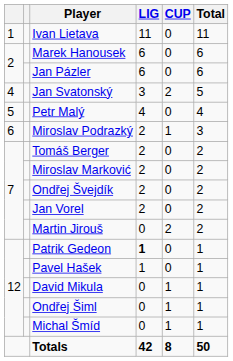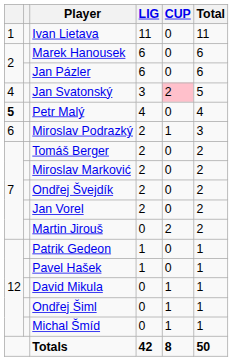 <table class="wikitable"  class= style="text-align:center; border:1px #aaa solid; font-size:95%">
 <tr>
 <th></th>
 <th></th>
 <th>Player</th>
 <th><a href='#'>LIG</a></th>
 <th><a href='#'>CUP</a></th>
 <th>Total</th>
 </tr>
 <tr>
 <td rowspan="1">1</td>
 <td></td>
 <td><a href='#'>Ivan Lietava</a></td>
 <td>11</td>
 <td>0</td>
 <td>11</td>
 </tr>
 <tr>
 <td rowspan="2">2</td>
 <td></td>
 <td><a href='#'>Marek Hanousek</a></td>
 <td>6</td>
 <td>0</td>
 <td>6</td>
 </tr>
 <tr>
 <td></td>
 <td><a href='#'>Jan Pázler</a></td>
 <td>6</td>
 <td>0</td>
 <td>6</td>
 </tr>
 <tr>
 <td rowspan="1">4</td>
 <td></td>
 <td><a href='#'>Jan Svatonský</a></td>
 <td>3</td>
-<td>2</td>
+<td style="background: pink;">2</td>
 <td>5</td>
 </tr>
 <tr>
-<td rowspan="1">5</td>
+<td rowspan="1"><strong>5</strong></td>
 <td></td>
 <td><a href='#'>Petr Malý</a></td>
 <td>4</td>
 <td>0</td>
 <td>4</td>
 </tr>
 <tr>
 <td rowspan="1">6</td>
 <td></td>
 <td><a href='#'>Miroslav Podrazký</a></td>
 <td>2</td>
 <td>1</td>
 <td>3</td>
 </tr>
 <tr>
 <td rowspan="5">7</td>
 <td></td>
 <td><a href='#'>Tomáš Berger</a></td>
 <td>2</td>
 <td>0</td>
 <td>2</td>
 </tr>
 <tr>
 <td></td>
 <td><a href='#'>Miroslav Marković</a></td>
 <td>2</td>
 <td>0</td>
 <td>2</td>
 </tr>
 <tr>
 <td></td>
 <td><a href='#'>Ondřej Švejdík</a></td>
 <td>2</td>
 <td>0</td>
 <td>2</td>
 </tr>
 <tr>
 <td></td>
 <td><a href='#'>Jan Vorel</a></td>
 <td>2</td>
 <td>0</td>
 <td>2</td>
 </tr>
 <tr>
 <td></td>
 <td><a href='#'>Martin Jirouš</a></td>
 <td>0</td>
 <td>2</td>
 <td>2</td>
 </tr>
 <tr>
 <td rowspan="5">12</td>
 <td></td>
 <td><a href='#'>Patrik Gedeon</a></td>
-<td><strong>1</strong></td>
+<td>1</td>
 <td>0</td>
 <td>1</td>
 </tr>
 <tr>
 <td></td>
 <td><a href='#'>Pavel Hašek</a></td>
 <td>1</td>
 <td>0</td>
 <td>1</td>
 </tr>
 <tr>
 <td></td>
 <td><a href='#'>David Mikula</a></td>
 <td>0</td>
 <td>1</td>
 <td>1</td>
 </tr>
 <tr>
 <td></td>
 <td><a href='#'>Ondřej Šiml</a></td>
 <td>0</td>
 <td>1</td>
 <td>1</td>
 </tr>
 <tr>
 <td></td>
 <td><a href='#'>Michal Šmíd</a></td>
 <td>0</td>
 <td>1</td>
 <td>1</td>
 </tr>
 <tr>
 <td colspan="2"></td>
 <td><strong>Totals</strong></td>
 <td><strong>42</strong></td>
 <td><strong>8</strong></td>
 <td><strong>50</strong></td>
 </tr>
 </table>
